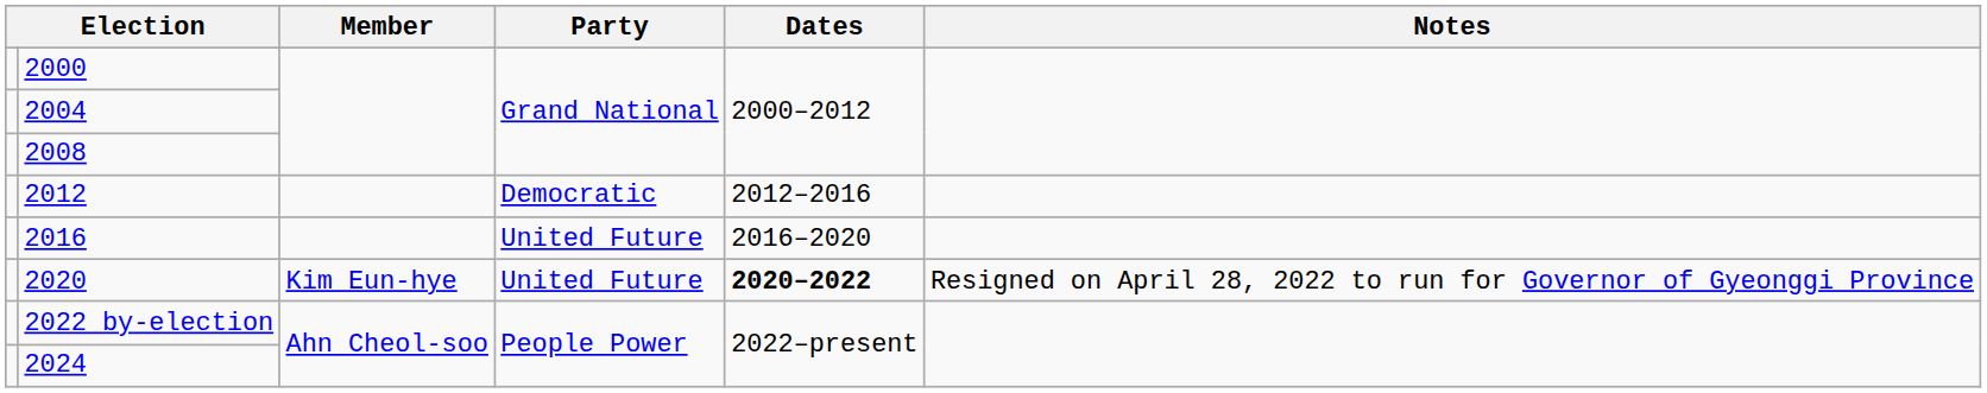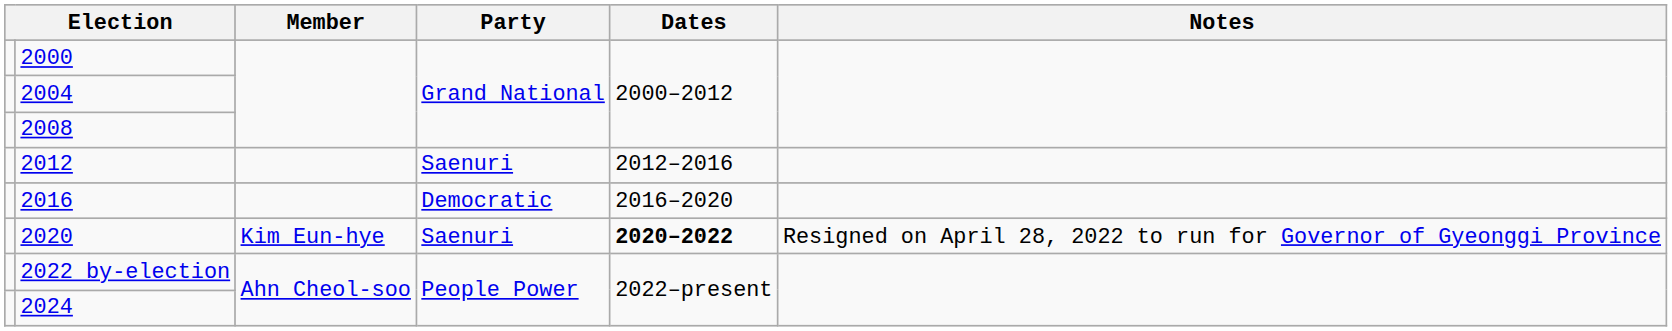 <table class="wikitable">
 <tr>
 <th colspan="2">Election</th>
 <th>Member</th>
 <th>Party</th>
 <th>Dates</th>
 <th>Notes</th>
 </tr>
 <tr>
 <td></td>
 <td><a href='#'>2000</a></td>
 <td rowspan="3"></td>
 <td rowspan="3"><a href='#'>Grand National</a></td>
 <td rowspan="3">2000–2012</td>
 <td rowspan="3"></td>
 </tr>
 <tr>
 <td></td>
 <td><a href='#'>2004</a></td>
 </tr>
 <tr>
 <td></td>
 <td><a href='#'>2008</a></td>
 </tr>
 <tr>
 <td></td>
 <td><a href='#'>2012</a></td>
 <td></td>
-<td><a href='#'>Democratic</a></td>
+<td><a href='#'>Saenuri</a></td>
 <td>2012–2016</td>
 <td></td>
 </tr>
 <tr>
 <td></td>
 <td><a href='#'>2016</a></td>
 <td></td>
-<td><a href='#'>United Future</a></td>
+<td><a href='#'>Democratic</a></td>
 <td>2016–2020</td>
 <td></td>
 </tr>
 <tr>
 <td></td>
 <td><a href='#'>2020</a></td>
 <td><a href='#'>Kim Eun-hye</a></td>
-<td><a href='#'>United Future</a></td>
+<td><a href='#'>Saenuri</a></td>
 <td><strong>2020–2022</strong></td>
 <td>Resigned on April 28, 2022 to run for <a href='#'>Governor of Gyeonggi Province</a></td>
 </tr>
 <tr>
 <td></td>
 <td><a href='#'>2022 by-election</a></td>
 <td rowspan="2"><a href='#'>Ahn Cheol-soo</a></td>
 <td rowspan="2"><a href='#'>People Power</a></td>
 <td rowspan="2">2022–present</td>
 <td rowspan="2"></td>
 </tr>
 <tr>
 <td></td>
 <td><a href='#'>2024</a></td>
 </tr>
 </table>
